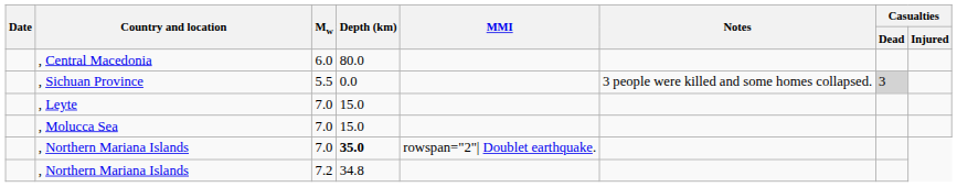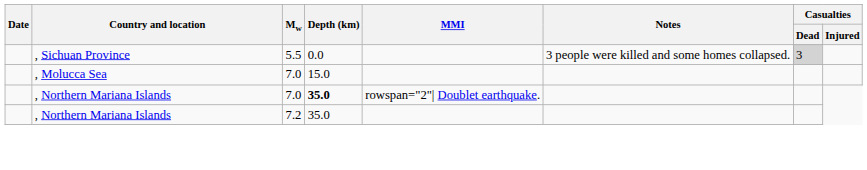 <table class="wikitable sortable sort-under" style="border:1px black; margin-left:1em;">
 <tr>
 <th rowspan="2"><small>Date</small></th>
 <th rowspan="2" style="width: 310px"><small>Country and location</small></th>
 <th rowspan="2"><small>M<sub>w</sub></small></th>
 <th rowspan="2"><small>Depth (km)</small></th>
 <th rowspan="2"><small><a href='#'>MMI</a></small></th>
 <th rowspan="2" class="unsortable"><small>Notes</small></th>
 <th colspan="2"><small>Casualties</small></th>
 </tr>
 <tr>
 <th><small>Dead</small></th>
 <th><small>Injured</small></th>
 </tr>
 <tr>
 <td></td>
-<td>, <a href='#'>Central Macedonia</a></td>
-<td>6.0</td>
-<td>80.0</td>
-<td></td>
-<td></td>
-<td></td>
-<td></td>
-</tr>
-<tr>
-<td></td>
 <td>, <a href='#'>Sichuan Province</a></td>
 <td>5.5</td>
 <td>0.0</td>
 <td></td>
 <td>3 people were killed and some homes collapsed.</td>
 <td style="background: lightgrey;">3</td>
-<td></td>
-</tr>
-<tr>
-<td></td>
-<td>, <a href='#'>Leyte</a></td>
-<td>7.0</td>
-<td>15.0</td>
-<td></td>
-<td></td>
-<td></td>
 <td></td>
 </tr>
 <tr>
 <td></td>
 <td>, <a href='#'>Molucca Sea</a></td>
 <td>7.0</td>
 <td>15.0</td>
 <td></td>
 <td></td>
 <td></td>
 <td></td>
 </tr>
 <tr>
 <td></td>
 <td>, <a href='#'>Northern Mariana Islands</a></td>
 <td>7.0</td>
 <td><strong>35.0</strong></td>
 <td>rowspan="2"| <a href='#'>Doublet earthquake</a>.</td>
 <td></td>
 <td></td>
 </tr>
 <tr>
 <td></td>
 <td>, <a href='#'>Northern Mariana Islands</a></td>
 <td>7.2</td>
-<td>34.8</td>
+<td>35.0</td>
 <td></td>
 <td></td>
 <td></td>
 </tr>
 </table>
